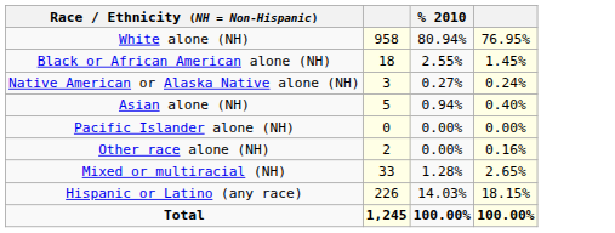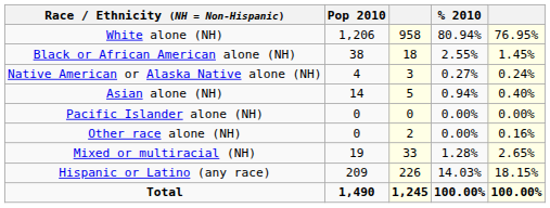 <table class="wikitable" style="text-align:center;">
 <tr>
 <th>Race / Ethnicity <small>(<em>NH = Non-Hispanic</em>)</small></th>
+<th>Pop 2010</th>
 <th></th>
 <th>% 2010</th>
 <th></th>
 </tr>
 <tr>
 <td><a href='#'>White</a> alone (NH)</td>
+<td>1,206</td>
 <td style='background: #ffffe6;'>958</td>
 <td>80.94%</td>
 <td style='background: #ffffe6;'>76.95%</td>
 </tr>
 <tr>
 <td><a href='#'>Black or African American</a> alone (NH)</td>
+<td>38</td>
 <td style='background: #ffffe6;'>18</td>
 <td>2.55%</td>
 <td style='background: #ffffe6;'>1.45%</td>
 </tr>
 <tr>
 <td><a href='#'>Native American</a> or <a href='#'>Alaska Native</a> alone (NH)</td>
+<td>4</td>
 <td style='background: #ffffe6;'>3</td>
 <td>0.27%</td>
 <td style='background: #ffffe6;'>0.24%</td>
 </tr>
 <tr>
 <td><a href='#'>Asian</a> alone (NH)</td>
+<td>14</td>
 <td style='background: #ffffe6;'>5</td>
 <td>0.94%</td>
 <td style='background: #ffffe6;'>0.40%</td>
 </tr>
 <tr>
 <td><a href='#'>Pacific Islander</a> alone (NH)</td>
+<td>0</td>
 <td style='background: #ffffe6;'>0</td>
 <td>0.00%</td>
 <td style='background: #ffffe6;'>0.00%</td>
 </tr>
 <tr>
 <td><a href='#'>Other race</a> alone (NH)</td>
+<td>0</td>
 <td style='background: #ffffe6;'>2</td>
 <td>0.00%</td>
 <td style='background: #ffffe6;'>0.16%</td>
 </tr>
 <tr>
 <td><a href='#'>Mixed or multiracial</a> (NH)</td>
+<td>19</td>
 <td style='background: #ffffe6;'>33</td>
 <td>1.28%</td>
 <td style='background: #ffffe6;'>2.65%</td>
 </tr>
 <tr>
 <td><a href='#'>Hispanic or Latino</a> (any race)</td>
+<td>209</td>
 <td style='background: #ffffe6;'>226</td>
 <td>14.03%</td>
 <td style='background: #ffffe6;'>18.15%</td>
 </tr>
 <tr>
 <td><strong>Total</strong></td>
+<td><strong>1,490</strong></td>
 <td style='background: #ffffe6;'><strong>1,245</strong></td>
 <td><strong>100.00%</strong></td>
 <td style='background: #ffffe6;'><strong>100.00%</strong></td>
 </tr>
 </table>
